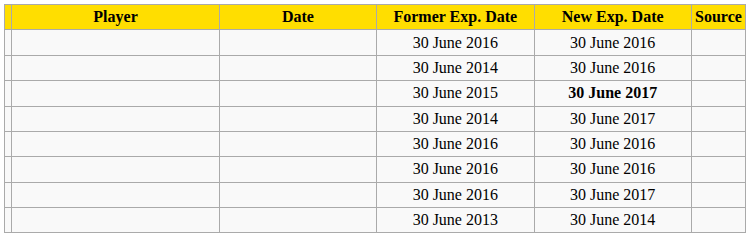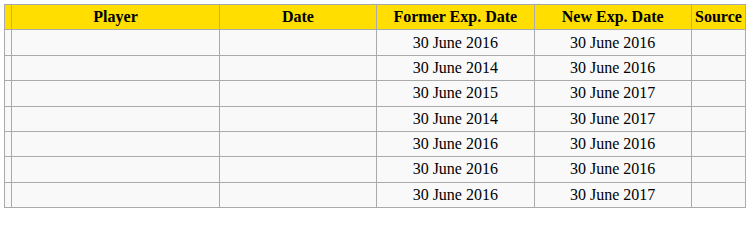 <table class="wikitable sortable">
 <tr>
 <th style="background:#FFDE00"></th>
 <th width=200 style="background:#FFDE00">Player</th>
 <th width=150 style="background:#FFDE00">Date</th>
 <th width=150 style="background:#FFDE00">Former Exp. Date</th>
 <th width=150 style="background:#FFDE00">New Exp. Date</th>
 <th style="background:#FFDE00">Source</th>
 </tr>
 <tr>
 <td align=center></td>
 <td></td>
 <td align=center></td>
 <td align=center>30 June 2016</td>
 <td align=center>30 June 2016</td>
 <td align=center></td>
 </tr>
 <tr>
 <td align=center></td>
 <td></td>
 <td align=center></td>
 <td align=center>30 June 2014</td>
 <td align=center>30 June 2016</td>
 <td align=center></td>
 </tr>
 <tr>
 <td align=center></td>
 <td></td>
 <td align=center></td>
 <td align=center>30 June 2015</td>
-<td align=center><strong>30 June 2017</strong></td>
+<td align=center>30 June 2017</td>
 <td align=center></td>
 </tr>
 <tr>
 <td align=center></td>
 <td></td>
 <td align=center></td>
 <td align=center>30 June 2014</td>
 <td align=center>30 June 2017</td>
 <td align=center></td>
 </tr>
 <tr>
 <td align=center></td>
 <td></td>
 <td align=center></td>
 <td align=center>30 June 2016</td>
 <td align=center>30 June 2016</td>
 <td align=center></td>
 </tr>
 <tr>
 <td align=center></td>
 <td></td>
 <td align=center></td>
 <td align=center>30 June 2016</td>
 <td align=center>30 June 2016</td>
 <td align=center></td>
 </tr>
 <tr>
 <td align=center></td>
 <td></td>
 <td align=center></td>
 <td align=center>30 June 2016</td>
 <td align=center>30 June 2017</td>
 <td align=center></td>
 </tr>
-<tr>
-<td align=center></td>
-<td></td>
-<td align=center></td>
-<td align=center>30 June 2013</td>
-<td align=center>30 June 2014</td>
-<td align=center></td>
-</tr>
 </table>
